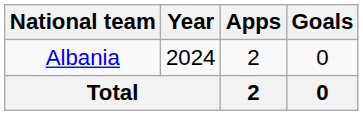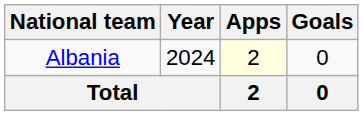 <table class="wikitable" style="text-align: center;">
 <tr>
 <th>National team</th>
 <th>Year</th>
 <th>Apps</th>
 <th>Goals</th>
 </tr>
 <tr>
 <td><a href='#'>Albania</a></td>
 <td>2024</td>
-<td>2</td>
+<td style="background: lightyellow;">2</td>
 <td>0</td>
 </tr>
 <tr>
 <th colspan="2">Total</th>
 <th>2</th>
 <th>0</th>
 </tr>
 </table>
